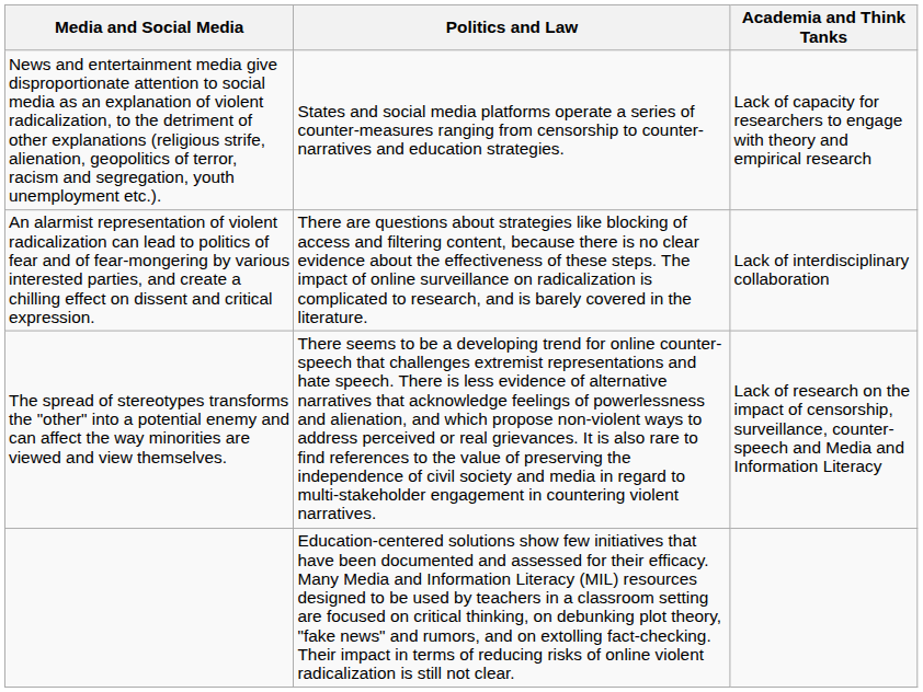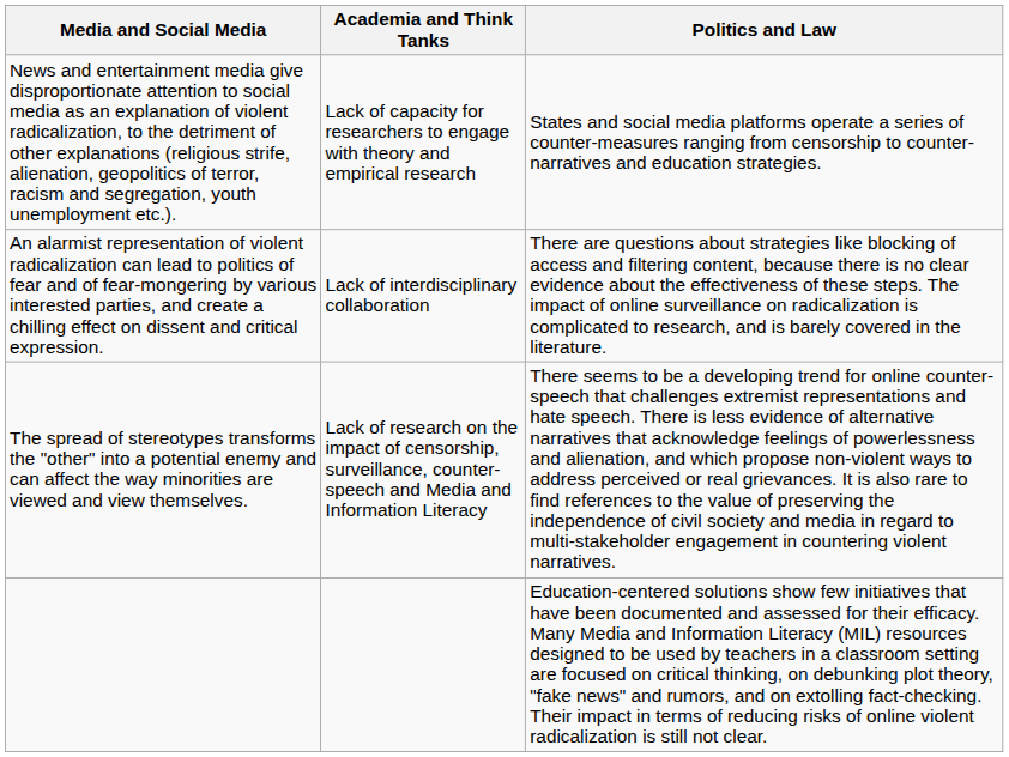 <table class="wikitable">
 <tr>
 <th>Media and Social Media</th>
+<th>Academia and Think Tanks</th>
 <th>Politics and Law</th>
-<th>Academia and Think Tanks</th>
 </tr>
 <tr>
 <td>News and entertainment media give disproportionate attention to social media as an explanation of violent radicalization, to the detriment of other explanations (religious strife, alienation, geopolitics of terror, racism and segregation, youth unemployment etc.).</td>
+<td>Lack of capacity for researchers to engage with theory and empirical research</td>
 <td>States and social media platforms operate a series of counter-measures ranging from censorship to counter-narratives and education strategies.</td>
-<td>Lack of capacity for researchers to engage with theory and empirical research</td>
 </tr>
 <tr>
 <td>An alarmist representation of violent radicalization can lead to politics of fear and of fear-mongering by various interested parties, and create a chilling effect on dissent and critical expression.</td>
+<td>Lack of interdisciplinary collaboration</td>
 <td>There are questions about strategies like blocking of access and filtering content, because there is no clear evidence about the effectiveness of these steps. The impact of online surveillance on radicalization is complicated to research, and is barely covered in the literature.</td>
-<td>Lack of interdisciplinary collaboration</td>
 </tr>
 <tr>
 <td>The spread of stereotypes transforms the "other" into a potential enemy and can affect the way minorities are viewed and view themselves.</td>
+<td>Lack of research on the impact of censorship, surveillance, counter-speech and Media and Information Literacy</td>
 <td>There seems to be a developing trend for online counter-speech that challenges extremist representations and hate speech. There is less evidence of alternative narratives that acknowledge feelings of powerlessness and alienation, and which propose non-violent ways to address perceived or real grievances. It is also rare to find references to the value of preserving the independence of civil society and media in regard to multi-stakeholder engagement in countering violent narratives.</td>
-<td>Lack of research on the impact of censorship, surveillance, counter-speech and Media and Information Literacy</td>
 </tr>
 <tr>
 <td></td>
+<td></td>
 <td>Education-centered solutions show few initiatives that have been documented and assessed for their efficacy. Many Media and Information Literacy (MIL) resources designed to be used by teachers in a classroom setting are focused on critical thinking, on debunking plot theory, "fake news" and rumors, and on extolling fact-checking. Their impact in terms of reducing risks of online violent radicalization is still not clear.</td>
-<td></td>
 </tr>
 </table>
